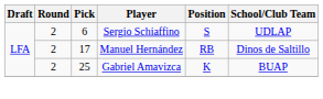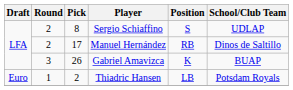 <table class="wikitable" style="font-size: 95%;">
 <tr>
 <th scope="col">Draft</th>
 <th scope="col">Round</th>
 <th scope="col">Pick</th>
 <th scope="col">Player</th>
 <th scope="col">Position</th>
 <th scope="col">School/Club Team</th>
 </tr>
 <tr align="center">
 <td align=center rowspan="3"><a href='#'>LFA</a></td>
 <td>2</td>
-<td>6</td>
+<td>8</td>
 <td><a href='#'>Sergio Schiaffino</a></td>
 <td><a href='#'>S</a></td>
 <td><a href='#'>UDLAP</a></td>
 </tr>
 <tr align="center">
 <td>2</td>
 <td>17</td>
 <td><a href='#'>Manuel Hernández</a></td>
 <td><a href='#'>RB</a></td>
 <td><a href='#'>Dinos de Saltillo</a></td>
 </tr>
 <tr align="center">
-<td>2</td>
-<td>25</td>
+<td>3</td>
+<td>26</td>
 <td><a href='#'>Gabriel Amavizca</a></td>
 <td><a href='#'>K</a></td>
 <td><a href='#'>BUAP</a></td>
 </tr>
+<tr align="center">
+<td align=center><a href='#'>Euro</a></td>
+<td>1</td>
+<td>2</td>
+<td><a href='#'>Thiadric Hansen</a></td>
+<td><a href='#'>LB</a></td>
+<td><a href='#'>Potsdam Royals</a></td>
+</tr>
 <tr>
 </tr>
 </table>
